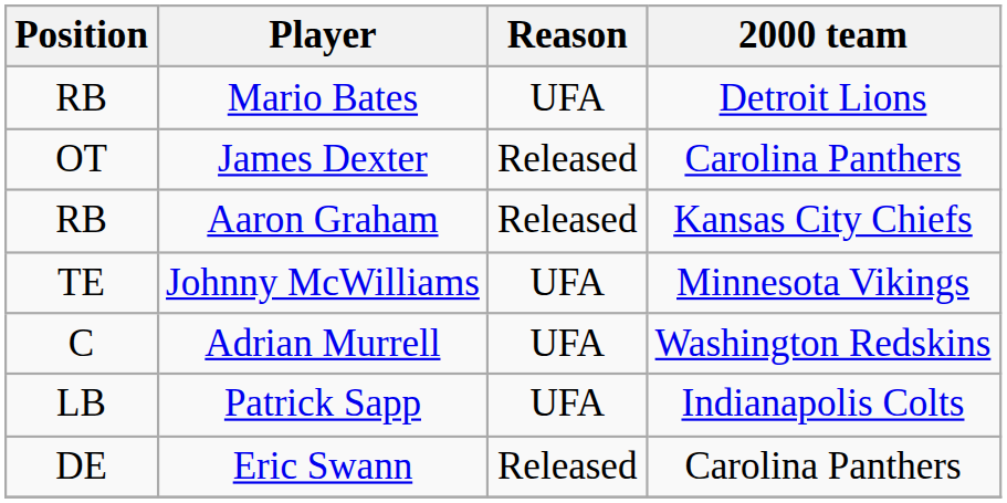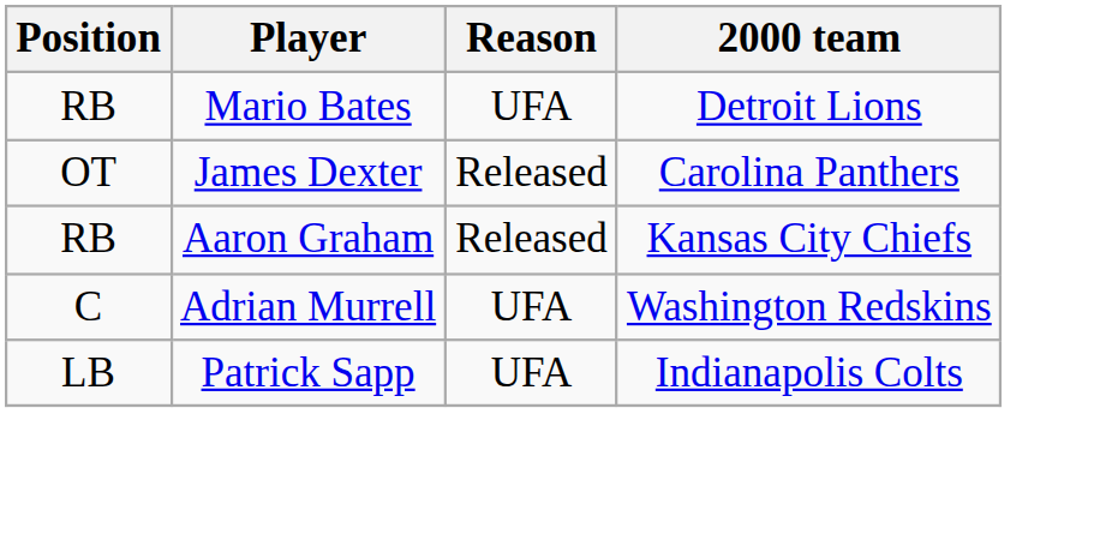 <table class="wikitable" style="text-align:center">
 <tr>
 <th>Position</th>
 <th>Player</th>
 <th>Reason</th>
 <th>2000 team</th>
 </tr>
 <tr>
 <td>RB</td>
 <td><a href='#'>Mario Bates</a></td>
 <td>UFA</td>
 <td><a href='#'>Detroit Lions</a></td>
 </tr>
 <tr>
 <td>OT</td>
 <td><a href='#'>James Dexter</a></td>
 <td>Released</td>
 <td><a href='#'>Carolina Panthers</a></td>
 </tr>
 <tr>
 <td>RB</td>
 <td><a href='#'>Aaron Graham</a></td>
 <td>Released</td>
 <td><a href='#'>Kansas City Chiefs</a></td>
 </tr>
 <tr>
-<td>TE</td>
-<td><a href='#'>Johnny McWilliams</a></td>
-<td>UFA</td>
-<td><a href='#'>Minnesota Vikings</a></td>
-</tr>
-<tr>
 <td>C</td>
 <td><a href='#'>Adrian Murrell</a></td>
 <td>UFA</td>
 <td><a href='#'>Washington Redskins</a></td>
 </tr>
 <tr>
 <td>LB</td>
 <td><a href='#'>Patrick Sapp</a></td>
 <td>UFA</td>
 <td><a href='#'>Indianapolis Colts</a></td>
 </tr>
 <tr>
-<td>DE</td>
-<td><a href='#'>Eric Swann</a></td>
-<td>Released</td>
-<td>Carolina Panthers</td>
-</tr>
-<tr>
 </tr>
 </table>
